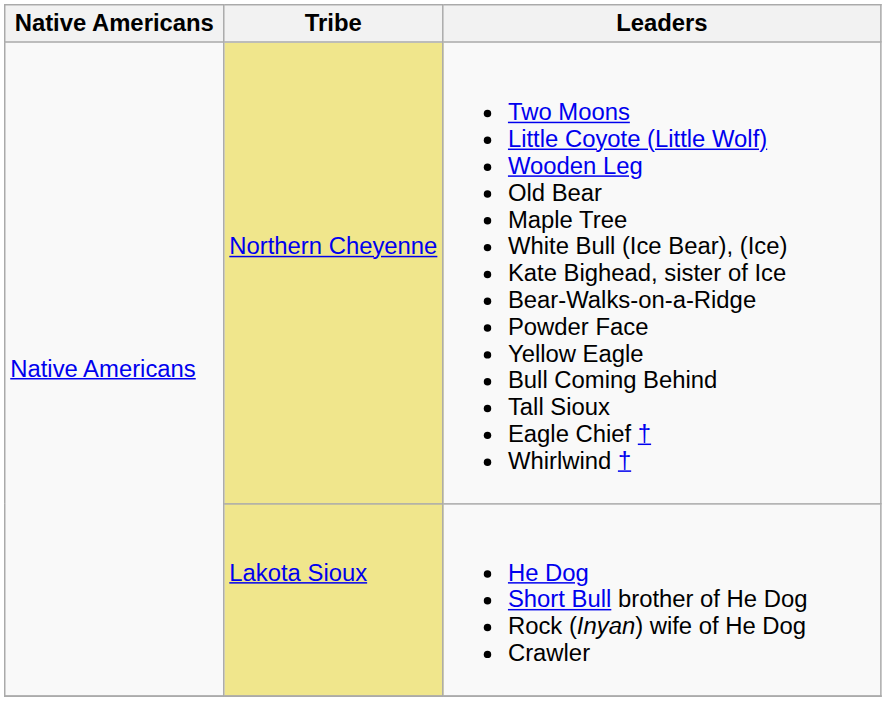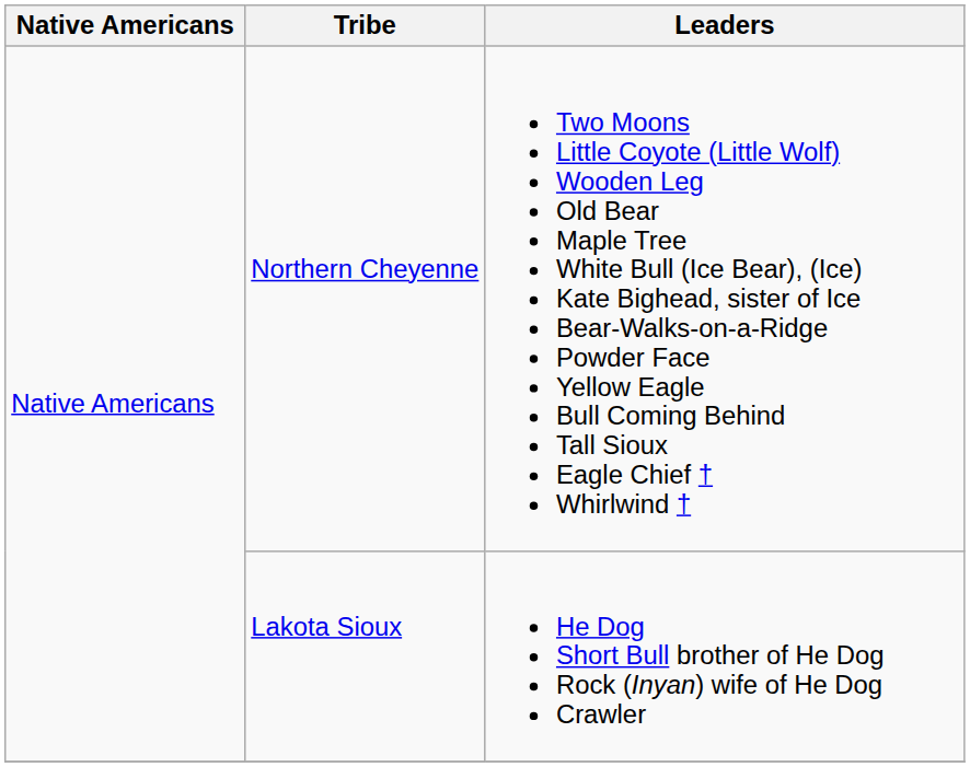 <table class="wikitable">
 <tr>
 <th width=25%>Native Americans</th>
 <th width=25%>Tribe</th>
 <th>Leaders</th>
 </tr>
 <tr>
 <td rowspan=2><br><a href='#'>Native Americans</a><br>    </td>
-<td style="background: khaki;"><a href='#'>Northern Cheyenne</a><br><br>  </td>
+<td><a href='#'>Northern Cheyenne</a><br><br>  </td>
 <td><br><ul><li><a href='#'>Two Moons</a></li><li><a href='#'>Little Coyote (Little Wolf)</a></li><li><a href='#'>Wooden Leg</a></li><li>Old Bear</li><li>Maple Tree</li><li>White Bull (Ice Bear), (Ice)</li><li>Kate Bighead, sister of Ice</li><li>Bear-Walks-on-a-Ridge</li><li>Powder Face</li><li>Yellow Eagle</li><li>Bull Coming Behind</li><li>Tall Sioux</li><li>Eagle Chief <a href='#'>†</a></li><li>Whirlwind <a href='#'>†</a></li></ul></td>
 </tr>
 <tr>
-<td style="background: khaki;"><a href='#'>Lakota Sioux</a><br><br>  </td>
+<td><a href='#'>Lakota Sioux</a><br><br>  </td>
 <td><br><ul><li><a href='#'>He Dog</a></li><li><a href='#'>Short Bull</a> brother of He Dog</li><li>Rock (<em>Inyan</em>) wife of He Dog</li><li>Crawler</li></ul></td>
 </tr>
 <tr>
 </tr>
 </table>
